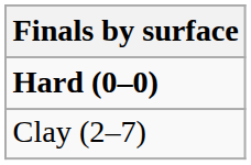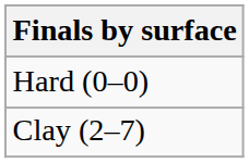 <table class=wikitable style="font-size:90%">
 <tr>
 <th>Finals by surface</th>
 </tr>
 <tr>
-<td><strong>Hard (0–0)</strong></td>
+<td>Hard (0–0)</td>
 </tr>
 <tr>
 <td>Clay (2–7)</td>
 </tr>
 </table>
